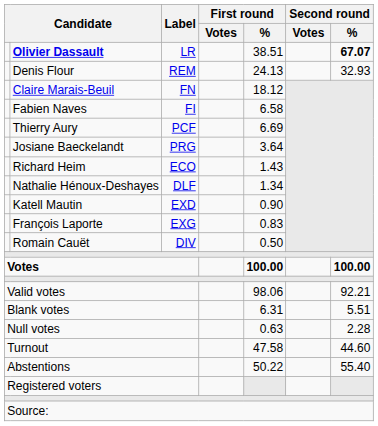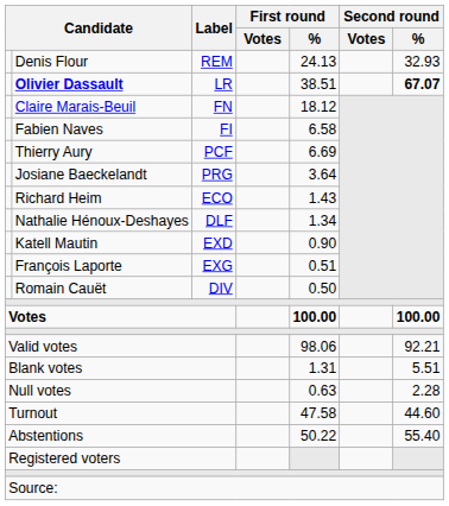 <table class="wikitable" style="text-align:right;font-size:95%;">
 <tr>
 <th rowspan="2" colspan="2">Candidate</th>
 <th rowspan="2">Label</th>
 <th colspan="2">First round</th>
 <th colspan="2">Second round</th>
 </tr>
 <tr>
 <th style="width:50px;">Votes</th>
 <th style="width:45px;">%</th>
 <th style="width:50px;">Votes</th>
 <th style="width:45px;">%</th>
 </tr>
 <tr>
 <td style="color:inherit;background:"></td>
+<td style="text-align:left;">Denis Flour</td>
+<td><a href='#'>REM</a></td>
+<td></td>
+<td>24.13</td>
+<td></td>
+<td>32.93</td>
+</tr>
+<tr>
+<td style="color:inherit;background:"></td>
 <td style="text-align:left;"><strong><a href='#'>Olivier Dassault</a></strong></td>
 <td><a href='#'>LR</a></td>
 <td></td>
 <td>38.51</td>
 <td><strong></strong></td>
 <td><strong>67.07</strong></td>
-</tr>
-<tr>
-<td style="color:inherit;background:"></td>
-<td style="text-align:left;">Denis Flour</td>
-<td><a href='#'>REM</a></td>
-<td></td>
-<td>24.13</td>
-<td></td>
-<td>32.93</td>
 </tr>
 <tr>
 <td style="color:inherit;background:"></td>
 <td style="text-align:left;"><a href='#'>Claire Marais-Beuil</a></td>
 <td><a href='#'>FN</a></td>
 <td></td>
 <td>18.12</td>
 <td colspan="2" rowspan="9" style="background:#E9E9E9;"></td>
 </tr>
 <tr>
 <td style="color:inherit;background:"></td>
 <td style="text-align:left;">Fabien Naves</td>
 <td><a href='#'>FI</a></td>
 <td></td>
 <td>6.58</td>
 </tr>
 <tr>
 <td style="color:inherit;background:"></td>
 <td style="text-align:left;">Thierry Aury</td>
 <td><a href='#'>PCF</a></td>
 <td></td>
 <td>6.69</td>
 </tr>
 <tr>
 <td style="color:inherit;background:"></td>
 <td style="text-align:left;">Josiane Baeckelandt</td>
 <td><a href='#'>PRG</a></td>
 <td></td>
 <td>3.64</td>
 </tr>
 <tr>
 <td style="color:inherit;background:"></td>
 <td style="text-align:left;">Richard Heim</td>
 <td><a href='#'>ECO</a></td>
 <td></td>
 <td>1.43</td>
 </tr>
 <tr>
 <td style="color:inherit;background:"></td>
 <td style="text-align:left;">Nathalie Hénoux-Deshayes</td>
 <td><a href='#'>DLF</a></td>
 <td></td>
 <td>1.34</td>
 </tr>
 <tr>
 <td style="color:inherit;background:"></td>
 <td style="text-align:left;">Katell Mautin</td>
 <td><a href='#'>EXD</a></td>
 <td></td>
 <td>0.90</td>
 </tr>
 <tr>
 <td style="color:inherit;background:"></td>
 <td style="text-align:left;">François Laporte</td>
 <td><a href='#'>EXG</a></td>
 <td></td>
-<td>0.83</td>
+<td>0.51</td>
 </tr>
 <tr>
 <td style="color:inherit;background:"></td>
 <td style="text-align:left;">Romain Cauët</td>
 <td><a href='#'>DIV</a></td>
 <td></td>
 <td>0.50</td>
 </tr>
 <tr>
 <td colspan="7" style="background:#E9E9E9;"></td>
 </tr>
 <tr style="font-weight:bold;">
 <td colspan="3" style="text-align:left;">Votes</td>
 <td></td>
 <td>100.00</td>
 <td></td>
 <td>100.00</td>
 </tr>
 <tr>
 <td colspan="7" style="background:#E9E9E9;"></td>
 </tr>
 <tr>
 <td colspan="3" style="text-align:left;">Valid votes</td>
 <td></td>
 <td>98.06</td>
 <td></td>
 <td>92.21</td>
 </tr>
 <tr>
 <td colspan="3" style="text-align:left;">Blank votes</td>
 <td></td>
-<td>6.31</td>
+<td>1.31</td>
 <td></td>
 <td>5.51</td>
 </tr>
 <tr>
 <td colspan="3" style="text-align:left;">Null votes</td>
 <td></td>
 <td>0.63</td>
 <td></td>
 <td>2.28</td>
 </tr>
 <tr>
 <td colspan="3" style="text-align:left;">Turnout</td>
 <td></td>
 <td>47.58</td>
 <td></td>
 <td>44.60</td>
 </tr>
 <tr>
 <td colspan="3" style="text-align:left;">Abstentions</td>
 <td></td>
 <td>50.22</td>
 <td></td>
 <td>55.40</td>
 </tr>
 <tr>
 <td colspan="3" style="text-align:left;">Registered voters</td>
 <td></td>
 <td style="background:#E9E9E9;"></td>
 <td></td>
 <td style="background:#E9E9E9;"></td>
 </tr>
 <tr>
 <td colspan="7" style="background:#E9E9E9;"></td>
 </tr>
 <tr>
 <td colspan="7" style="text-align:left;">Source: </td>
 </tr>
 </table>
